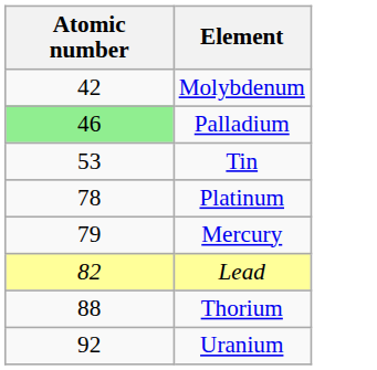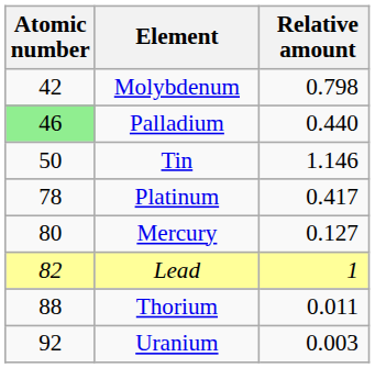 <table class="wikitable" style="float:left; margin-right:15px; margin-down:0; font-size:10pt; line-height:11pt;">
 <tr>
 <th style="text-align:center;">Atomic<br>number</th>
 <th style="width:45%;">Element</th>
+<th style="padding-right: 5px; padding-left: 10px;">Relative<br>amount</th>
 </tr>
 <tr>
 <td style="text-align:center;">42</td>
 <td style="text-align:center;"><a href='#'>Molybdenum</a></td>
+<td style="padding-right:5px; text-align:right;">0.798</td>
 </tr>
 <tr>
 <td style="background: lightgreen; text-align:center;">46</td>
 <td style="text-align:center;"><a href='#'>Palladium</a></td>
+<td style="padding-right:5px; text-align:right;">0.440</td>
 </tr>
 <tr>
-<td style="text-align:center;">53</td>
+<td style="text-align:center;">50</td>
 <td style="text-align:center; "><a href='#'>Tin</a></td>
+<td style="padding-right:5px; text-align:right;">1.146</td>
 </tr>
 <tr>
 <td style="text-align:center;">78</td>
 <td style="text-align:center;"><a href='#'>Platinum</a></td>
+<td style="padding-right:5px; text-align:right;">0.417</td>
 </tr>
 <tr>
-<td style="text-align:center;">79</td>
+<td style="text-align:center;">80</td>
 <td style="text-align:center;"><a href='#'>Mercury</a></td>
+<td style="padding-right:5px; text-align:right;">0.127</td>
 </tr>
 <tr style="background:#ff9;">
 <td style="text-align:center;"><em>82</em></td>
 <td style="text-align:center;"><em>Lead</em></td>
+<td style="padding-right:5px; text-align:right;"><em>1</em></td>
 </tr>
 <tr>
 <td style="text-align:center;">88</td>
 <td style="text-align:center;"><a href='#'>Thorium</a></td>
+<td style="padding-right:5px; text-align:right;">0.011</td>
 </tr>
 <tr>
 <td style="text-align:center;">92</td>
 <td style="text-align:center;"><a href='#'>Uranium</a></td>
+<td style="padding-right:5px; text-align:right;">0.003</td>
 </tr>
 </table>
